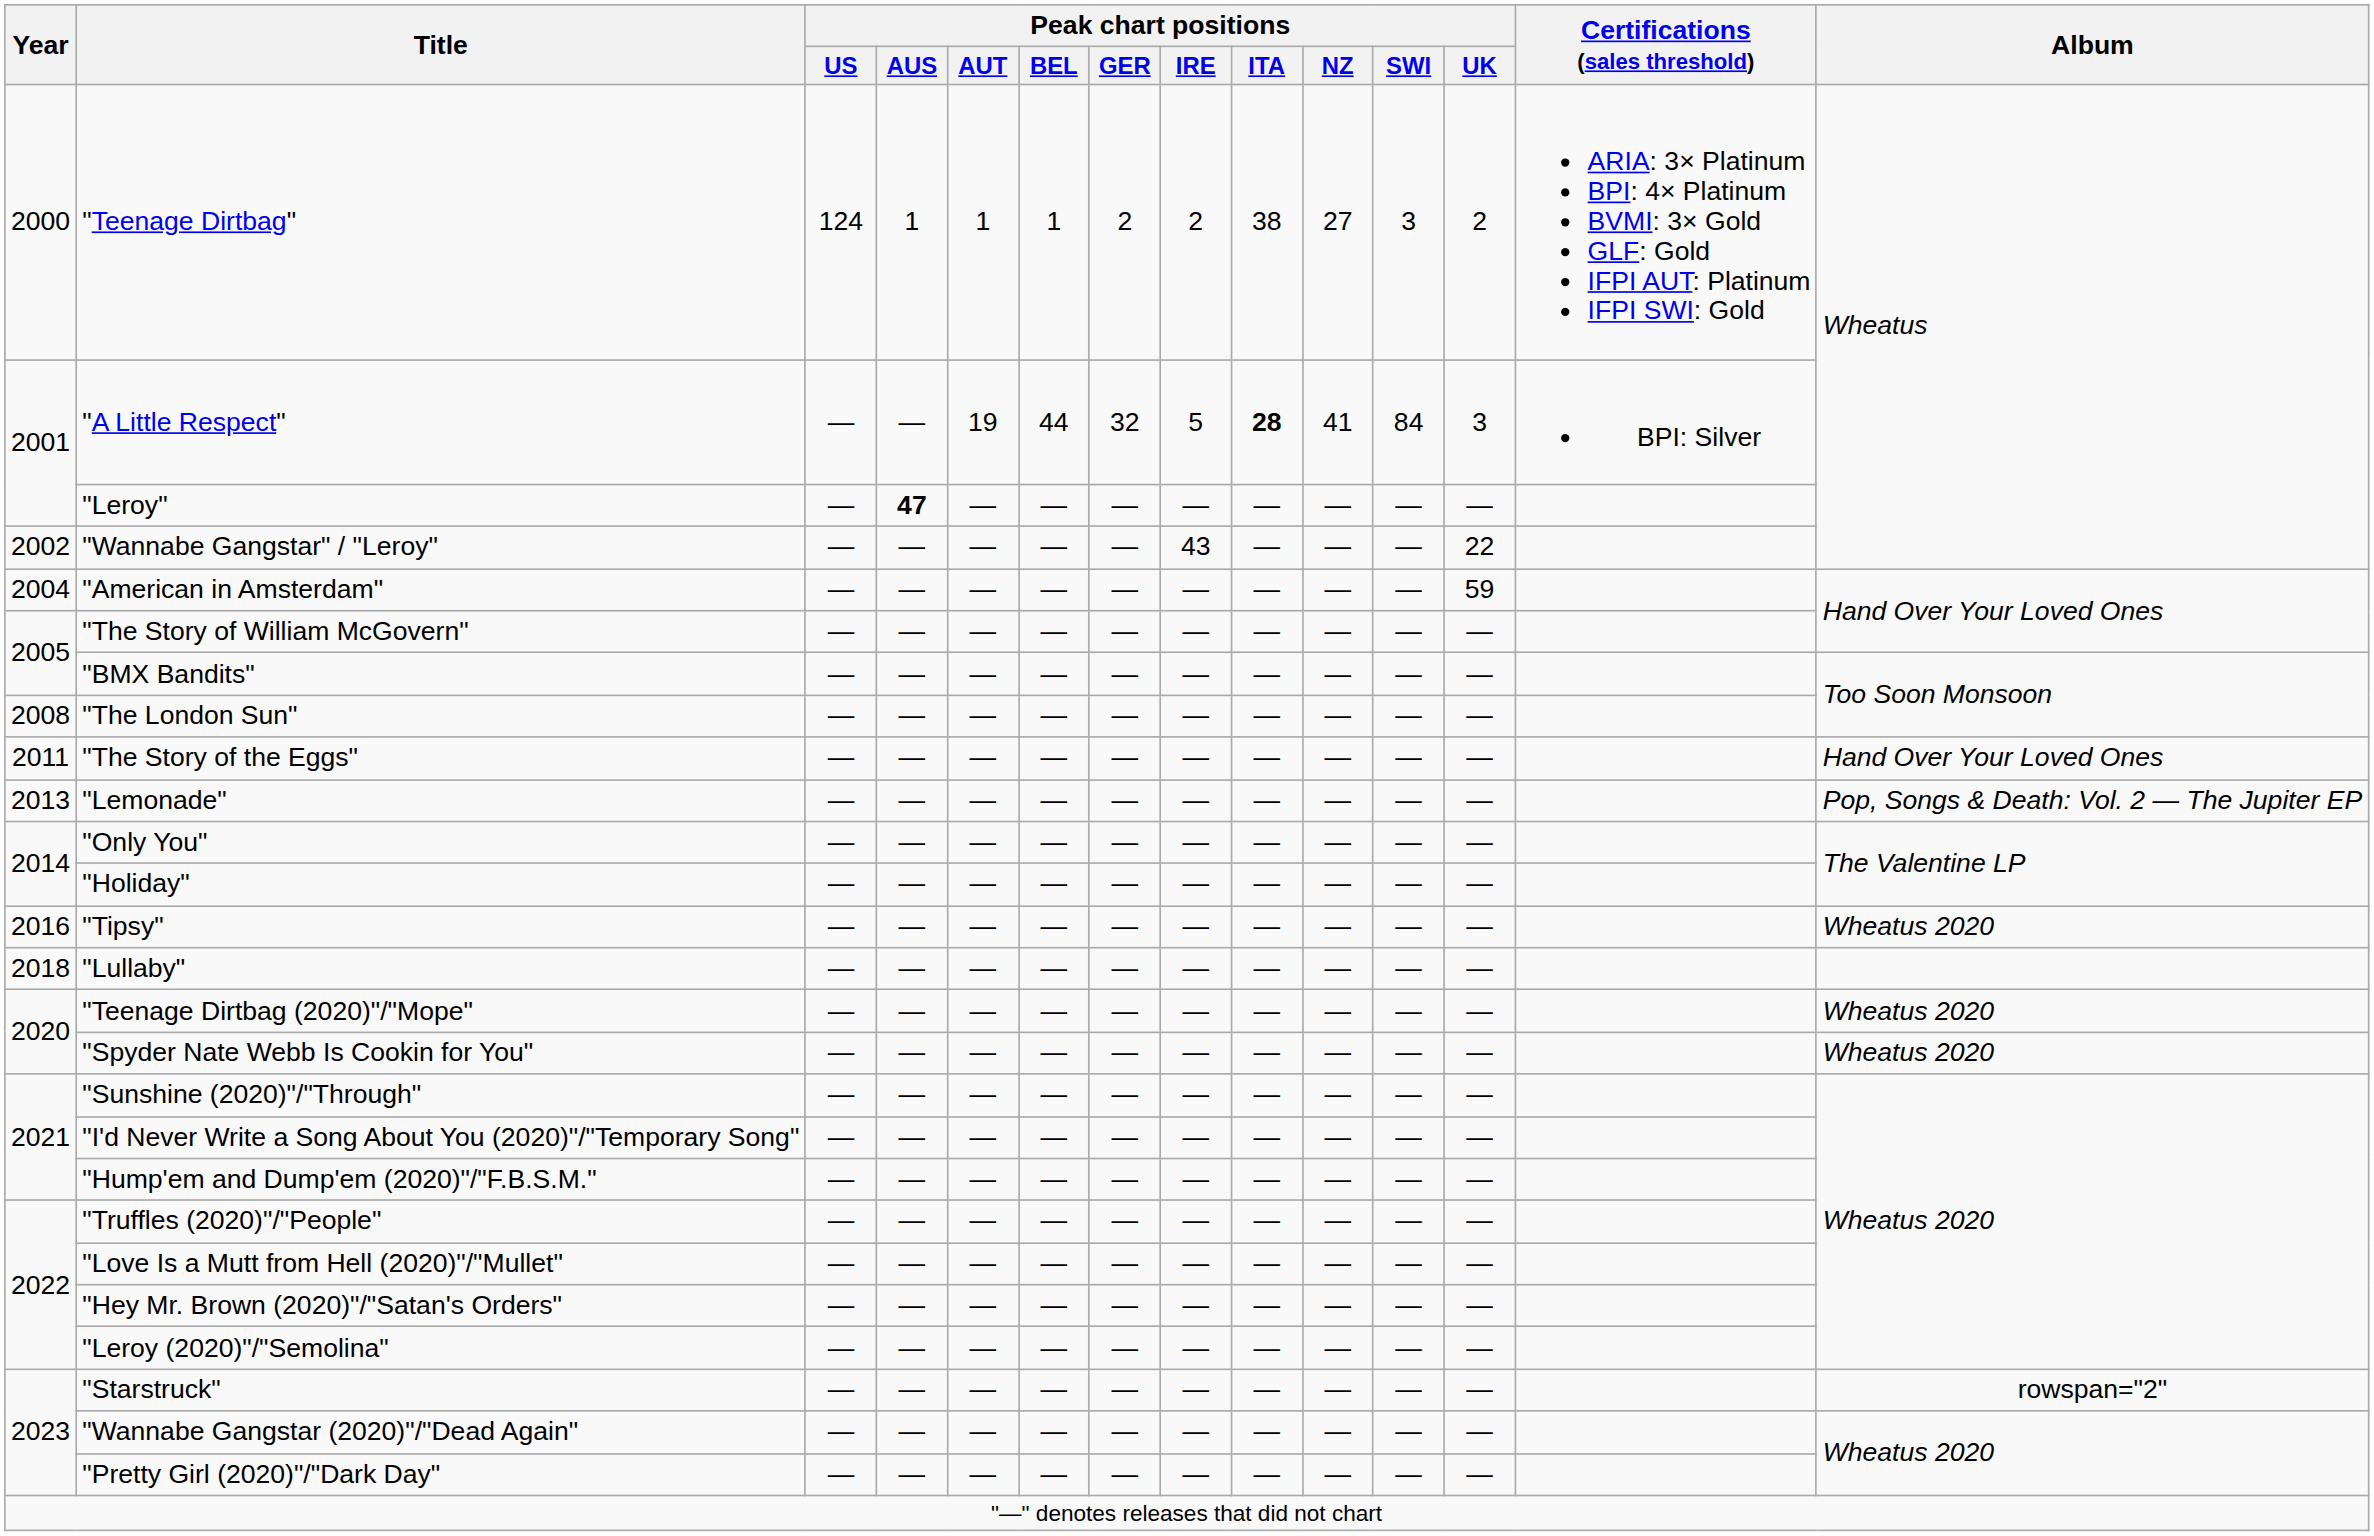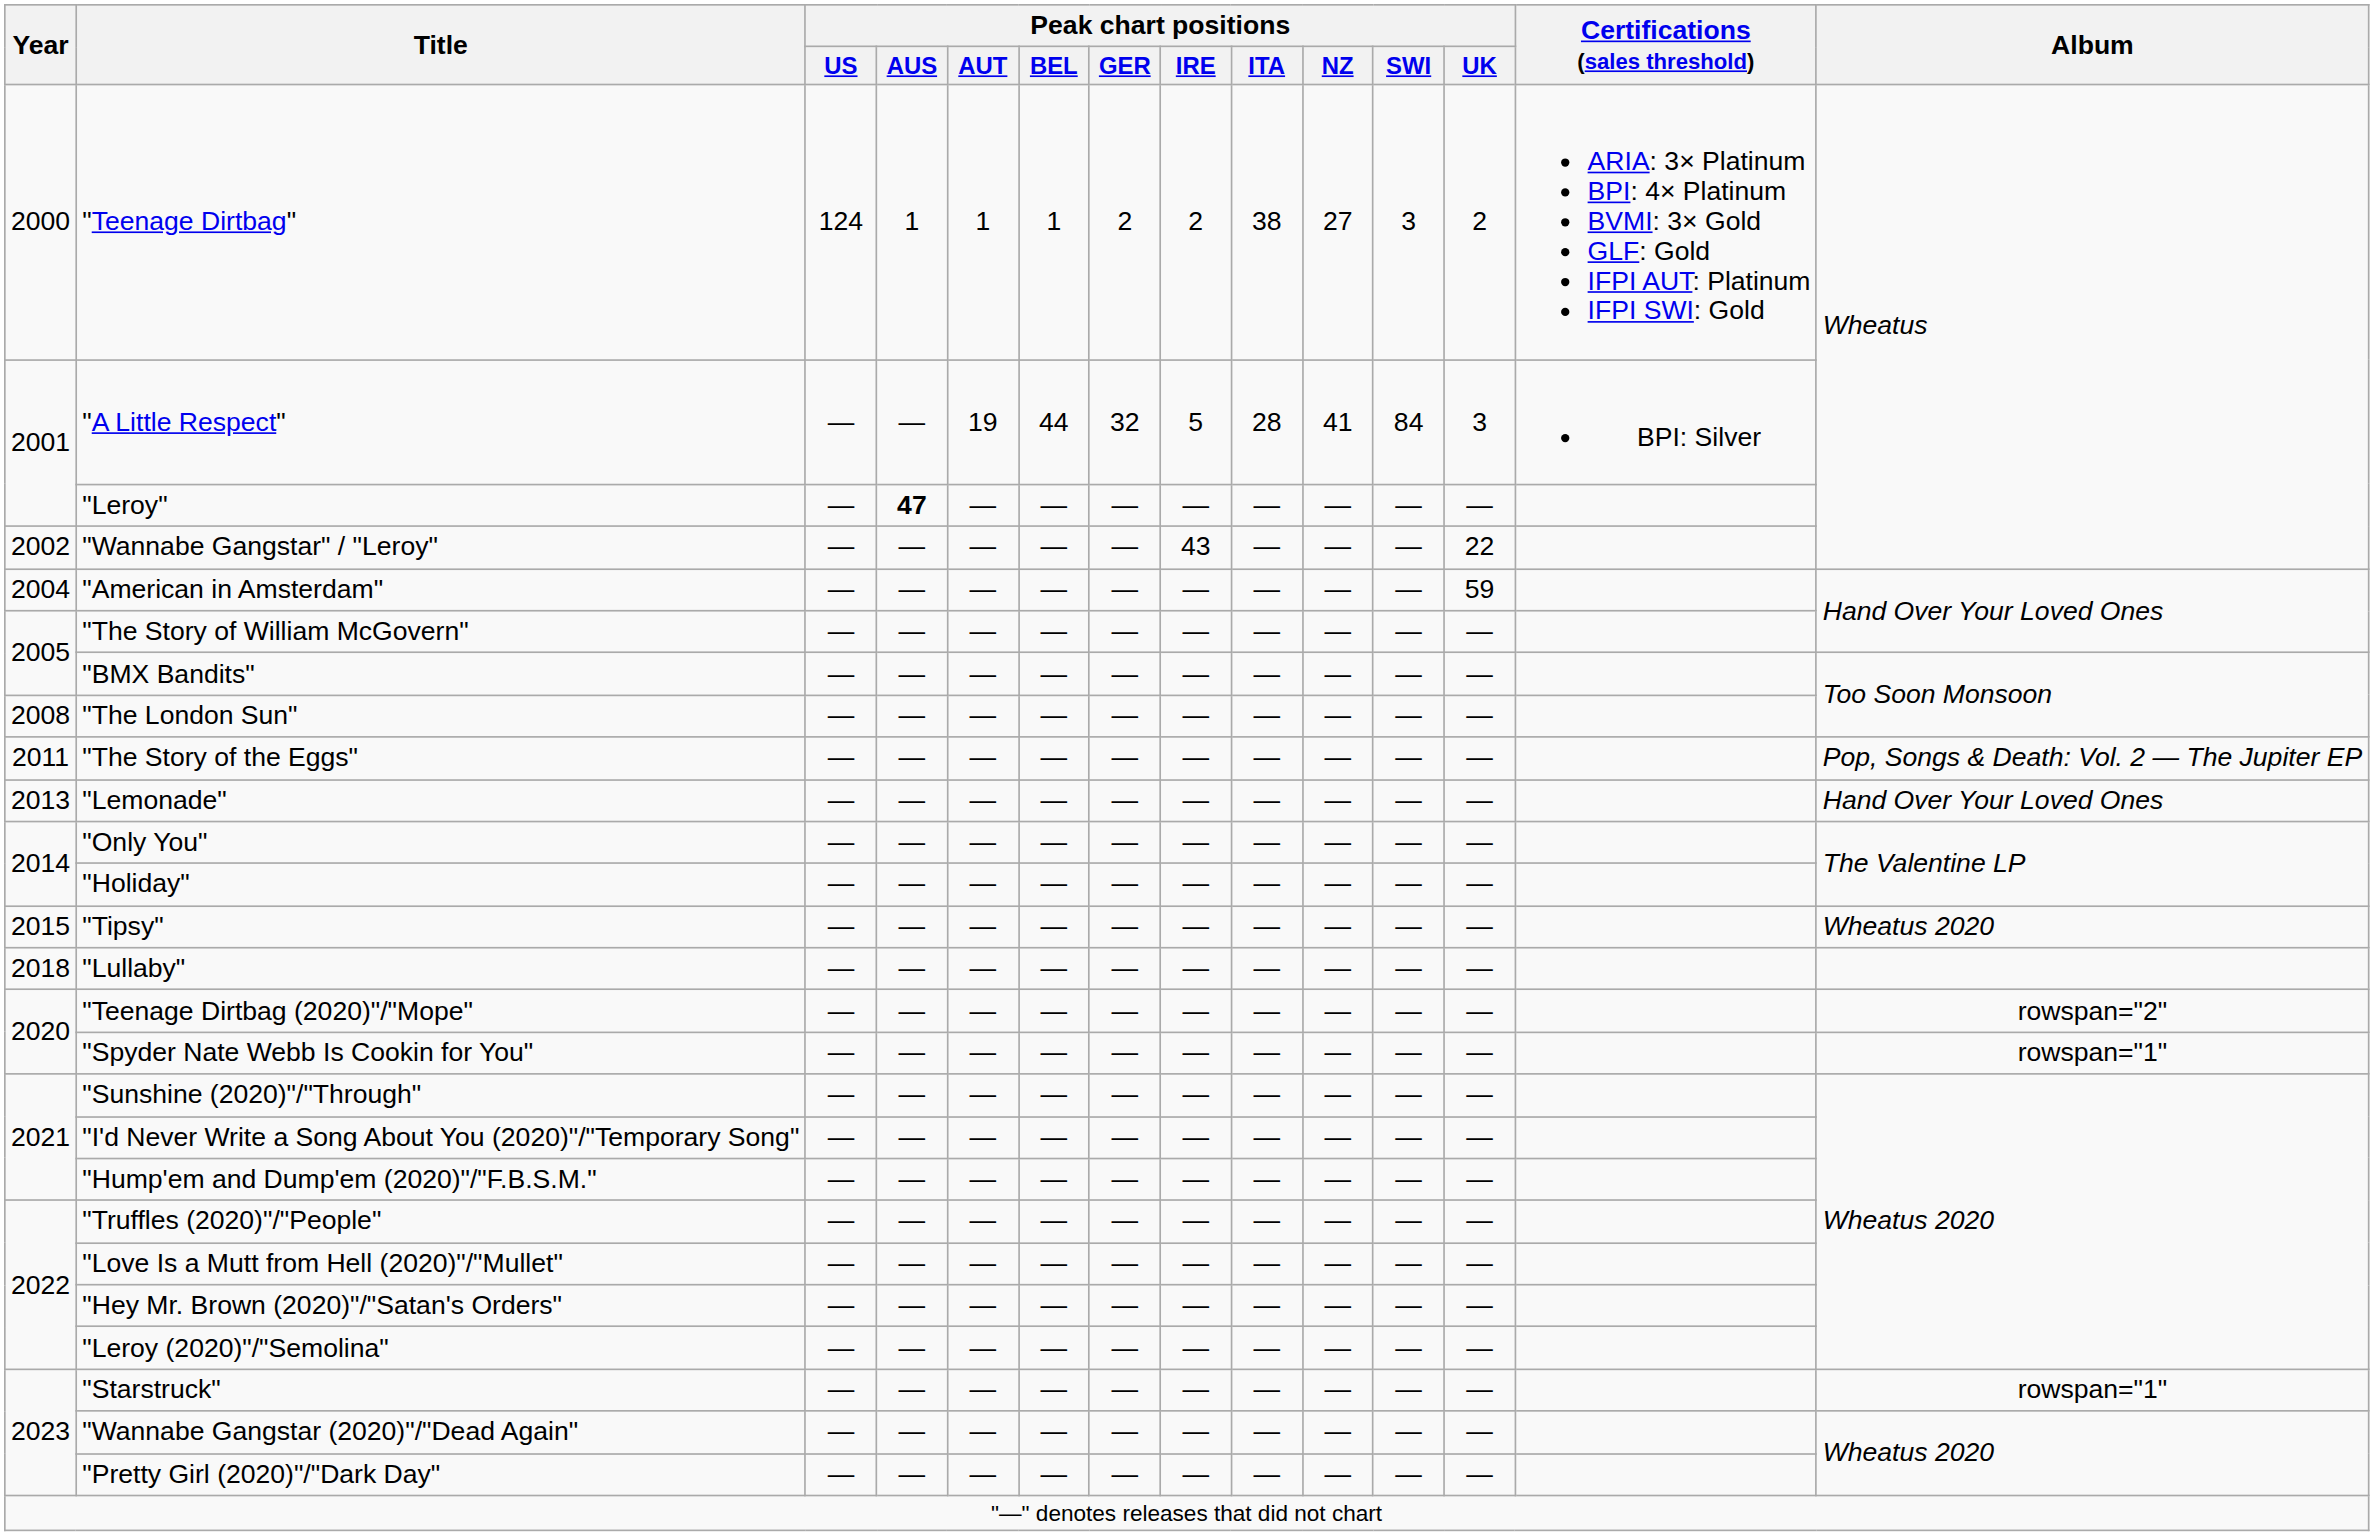 <table class="wikitable" style="text-align:center;">
 <tr>
 <th rowspan="2">Year</th>
 <th rowspan="2">Title</th>
 <th colspan="10">Peak chart positions</th>
 <th rowspan="2"><a href='#'>Certifications</a><br><small>(<a href='#'>sales threshold</a>)</small></th>
 <th rowspan="2">Album</th>
 </tr>
 <tr>
 <th scope="col" style="width:2.5em;font-size:90%;"><a href='#'>US</a><br></th>
 <th scope="col" style="width:2.5em;font-size:90%;"><a href='#'>AUS</a><br></th>
 <th scope="col" style="width:2.5em;font-size:90%;"><a href='#'>AUT</a><br></th>
 <th scope="col" style="width:2.5em;font-size:90%;"><a href='#'>BEL</a><br></th>
 <th scope="col" style="width:2.5em;font-size:90%;"><a href='#'>GER</a><br></th>
 <th scope="col" style="width:2.5em;font-size:90%;"><a href='#'>IRE</a> <br></th>
 <th scope="col" style="width:2.5em;font-size:90%;"><a href='#'>ITA</a><br></th>
 <th scope="col" style="width:2.5em;font-size:90%;"><a href='#'>NZ</a><br></th>
 <th scope="col" style="width:2.5em;font-size:90%;"><a href='#'>SWI</a><br></th>
 <th scope="col" style="width:2.5em;font-size:90%;"><a href='#'>UK</a><br></th>
 </tr>
 <tr>
 <td>2000</td>
 <td style="text-align:left;">"<a href='#'>Teenage Dirtbag</a>"</td>
 <td>124</td>
 <td>1</td>
 <td>1</td>
 <td>1</td>
 <td>2</td>
 <td>2</td>
 <td>38</td>
 <td>27</td>
 <td>3</td>
 <td>2</td>
 <td style="text-align:left;"><br><ul><li><a href='#'>ARIA</a>: 3× Platinum</li><li><a href='#'>BPI</a>: 4× Platinum</li><li><a href='#'>BVMI</a>: 3× Gold</li><li><a href='#'>GLF</a>: Gold</li><li><a href='#'>IFPI AUT</a>: Platinum</li><li><a href='#'>IFPI SWI</a>: Gold</li></ul></td>
 <td style="text-align:left;" rowspan="4"><em>Wheatus</em></td>
 </tr>
 <tr>
 <td rowspan="2">2001</td>
 <td style="text-align:left;">"<a href='#'>A Little Respect</a>"</td>
 <td>—</td>
 <td>—</td>
 <td>19</td>
 <td>44</td>
 <td>32</td>
 <td>5</td>
-<td><strong>28</strong></td>
+<td>28</td>
 <td>41</td>
 <td>84</td>
 <td>3</td>
 <td><br><ul><li>BPI: Silver</li></ul></td>
 </tr>
 <tr>
 <td style="text-align:left;">"Leroy"</td>
 <td>—</td>
 <td><strong>47</strong></td>
 <td>—</td>
 <td>—</td>
 <td>—</td>
 <td>—</td>
 <td>—</td>
 <td>—</td>
 <td>—</td>
 <td>—</td>
 <td></td>
 </tr>
 <tr>
 <td>2002</td>
 <td style="text-align:left;">"Wannabe Gangstar" / "Leroy"</td>
 <td>—</td>
 <td>—</td>
 <td>—</td>
 <td>—</td>
 <td>—</td>
 <td>43</td>
 <td>—</td>
 <td>—</td>
 <td>—</td>
 <td>22</td>
 <td></td>
 </tr>
 <tr>
 <td>2004</td>
 <td style="text-align:left;">"American in Amsterdam"</td>
 <td>—</td>
 <td>—</td>
 <td>—</td>
 <td>—</td>
 <td>—</td>
 <td>—</td>
 <td>—</td>
 <td>—</td>
 <td>—</td>
 <td>59</td>
 <td></td>
 <td style="text-align:left;" rowspan="2"><em>Hand Over Your Loved Ones</em></td>
 </tr>
 <tr>
 <td rowspan="2">2005</td>
 <td style="text-align:left;">"The Story of William McGovern"</td>
 <td>—</td>
 <td>—</td>
 <td>—</td>
 <td>—</td>
 <td>—</td>
 <td>—</td>
 <td>—</td>
 <td>—</td>
 <td>—</td>
 <td>—</td>
 <td></td>
 </tr>
 <tr>
 <td style="text-align:left;">"BMX Bandits"</td>
 <td>—</td>
 <td>—</td>
 <td>—</td>
 <td>—</td>
 <td>—</td>
 <td>—</td>
 <td>—</td>
 <td>—</td>
 <td>—</td>
 <td>—</td>
 <td></td>
 <td style="text-align:left;" rowspan="2"><em>Too Soon Monsoon</em></td>
 </tr>
 <tr>
 <td>2008</td>
 <td style="text-align:left;">"The London Sun"</td>
 <td>—</td>
 <td>—</td>
 <td>—</td>
 <td>—</td>
 <td>—</td>
 <td>—</td>
 <td>—</td>
 <td>—</td>
 <td>—</td>
 <td>—</td>
 <td></td>
 </tr>
 <tr>
 <td>2011</td>
 <td style="text-align:left;">"The Story of the Eggs"</td>
 <td>—</td>
 <td>—</td>
 <td>—</td>
 <td>—</td>
 <td>—</td>
 <td>—</td>
 <td>—</td>
 <td>—</td>
 <td>—</td>
 <td>—</td>
 <td></td>
-<td style="text-align:left;"><em>Hand Over Your Loved Ones</em></td>
+<td style="text-align:left;"><em>Pop, Songs & Death: Vol. 2 — The Jupiter EP</em></td>
 </tr>
 <tr>
 <td>2013</td>
 <td style="text-align:left;">"Lemonade"</td>
 <td>—</td>
 <td>—</td>
 <td>—</td>
 <td>—</td>
 <td>—</td>
 <td>—</td>
 <td>—</td>
 <td>—</td>
 <td>—</td>
 <td>—</td>
 <td></td>
-<td style="text-align:left;"><em>Pop, Songs & Death: Vol. 2 — The Jupiter EP</em></td>
+<td style="text-align:left;"><em>Hand Over Your Loved Ones</em></td>
 </tr>
 <tr>
 <td rowspan="2">2014</td>
 <td style="text-align:left;">"Only You" </td>
 <td>—</td>
 <td>—</td>
 <td>—</td>
 <td>—</td>
 <td>—</td>
 <td>—</td>
 <td>—</td>
 <td>—</td>
 <td>—</td>
 <td>—</td>
 <td></td>
 <td style="text-align:left;" rowspan="2"><em>The Valentine LP</em></td>
 </tr>
 <tr>
 <td style="text-align:left;">"Holiday"</td>
 <td>—</td>
 <td>—</td>
 <td>—</td>
 <td>—</td>
 <td>—</td>
 <td>—</td>
 <td>—</td>
 <td>—</td>
 <td>—</td>
 <td>—</td>
 <td></td>
 </tr>
 <tr>
-<td>2016</td>
+<td>2015</td>
 <td style="text-align:left;">"Tipsy"</td>
 <td>—</td>
 <td>—</td>
 <td>—</td>
 <td>—</td>
 <td>—</td>
 <td>—</td>
 <td>—</td>
 <td>—</td>
 <td>—</td>
 <td>—</td>
 <td></td>
 <td style="text-align:left;" rowspan="1"><em>Wheatus 2020</em></td>
 </tr>
 <tr>
 <td>2018</td>
 <td style="text-align:left;">"Lullaby"</td>
 <td>—</td>
 <td>—</td>
 <td>—</td>
 <td>—</td>
 <td>—</td>
 <td>—</td>
 <td>—</td>
 <td>—</td>
 <td>—</td>
 <td>—</td>
 <td></td>
 </tr>
 <tr>
 <td rowspan="2">2020</td>
 <td style="text-align:left;">"Teenage Dirtbag (2020)"/"Mope"</td>
 <td>—</td>
 <td>—</td>
 <td>—</td>
 <td>—</td>
 <td>—</td>
 <td>—</td>
 <td>—</td>
 <td>—</td>
 <td>—</td>
 <td>—</td>
 <td></td>
-<td style="text-align:left;" rowspan="1"><em>Wheatus 2020</em></td>
+<td>rowspan="2" </td>
 </tr>
 <tr>
 <td style="text-align:left;">"Spyder Nate Webb Is Cookin for You"</td>
 <td>—</td>
 <td>—</td>
 <td>—</td>
 <td>—</td>
 <td>—</td>
 <td>—</td>
 <td>—</td>
 <td>—</td>
 <td>—</td>
 <td>—</td>
 <td></td>
-<td style="text-align:left;" rowspan="1"><em>Wheatus 2020</em></td>
+<td>rowspan="1" </td>
 </tr>
 <tr>
 <td rowspan="3">2021</td>
 <td style="text-align:left;">"Sunshine (2020)"/"Through"</td>
 <td>—</td>
 <td>—</td>
 <td>—</td>
 <td>—</td>
 <td>—</td>
 <td>—</td>
 <td>—</td>
 <td>—</td>
 <td>—</td>
 <td>—</td>
 <td></td>
 <td style="text-align:left;" rowspan="7"><em>Wheatus 2020</em></td>
 </tr>
 <tr>
 <td style="text-align:left;">"I'd Never Write a Song About You (2020)"/"Temporary Song"</td>
 <td>—</td>
 <td>—</td>
 <td>—</td>
 <td>—</td>
 <td>—</td>
 <td>—</td>
 <td>—</td>
 <td>—</td>
 <td>—</td>
 <td>—</td>
 <td></td>
 </tr>
 <tr>
 <td style="text-align:left;">"Hump'em and Dump'em (2020)"/"F.B.S.M."</td>
 <td>—</td>
 <td>—</td>
 <td>—</td>
 <td>—</td>
 <td>—</td>
 <td>—</td>
 <td>—</td>
 <td>—</td>
 <td>—</td>
 <td>—</td>
 <td></td>
 </tr>
 <tr>
 <td rowspan="4">2022</td>
 <td style="text-align:left;">"Truffles (2020)"/"People"</td>
 <td>—</td>
 <td>—</td>
 <td>—</td>
 <td>—</td>
 <td>—</td>
 <td>—</td>
 <td>—</td>
 <td>—</td>
 <td>—</td>
 <td>—</td>
 <td></td>
 </tr>
 <tr>
 <td style="text-align:left;">"Love Is a Mutt from Hell (2020)"/"Mullet"</td>
 <td>—</td>
 <td>—</td>
 <td>—</td>
 <td>—</td>
 <td>—</td>
 <td>—</td>
 <td>—</td>
 <td>—</td>
 <td>—</td>
 <td>—</td>
 <td></td>
 </tr>
 <tr>
 <td style="text-align:left;">"Hey Mr. Brown (2020)"/"Satan's Orders"</td>
 <td>—</td>
 <td>—</td>
 <td>—</td>
 <td>—</td>
 <td>—</td>
 <td>—</td>
 <td>—</td>
 <td>—</td>
 <td>—</td>
 <td>—</td>
 <td></td>
 </tr>
 <tr>
 <td style="text-align:left;">"Leroy (2020)"/"Semolina"</td>
 <td>—</td>
 <td>—</td>
 <td>—</td>
 <td>—</td>
 <td>—</td>
 <td>—</td>
 <td>—</td>
 <td>—</td>
 <td>—</td>
 <td>—</td>
 <td></td>
 </tr>
 <tr>
 <td rowspan="3">2023</td>
 <td style="text-align:left;">"Starstruck"</td>
 <td>—</td>
 <td>—</td>
 <td>—</td>
 <td>—</td>
 <td>—</td>
 <td>—</td>
 <td>—</td>
 <td>—</td>
 <td>—</td>
 <td>—</td>
 <td></td>
-<td>rowspan="2" </td>
+<td>rowspan="1" </td>
 </tr>
 <tr>
 <td style="text-align:left;">"Wannabe Gangstar (2020)"/"Dead Again"</td>
 <td>—</td>
 <td>—</td>
 <td>—</td>
 <td>—</td>
 <td>—</td>
 <td>—</td>
 <td>—</td>
 <td>—</td>
 <td>—</td>
 <td>—</td>
 <td></td>
 <td style="text-align:left;" rowspan="2"><em>Wheatus 2020</em></td>
 </tr>
 <tr>
 <td style="text-align:left;">"Pretty Girl (2020)"/"Dark Day"</td>
 <td>—</td>
 <td>—</td>
 <td>—</td>
 <td>—</td>
 <td>—</td>
 <td>—</td>
 <td>—</td>
 <td>—</td>
 <td>—</td>
 <td>—</td>
 <td></td>
 </tr>
 <tr>
 <td colspan="18" style="font-size:85%">"—" denotes releases that did not chart</td>
 </tr>
 </table>
